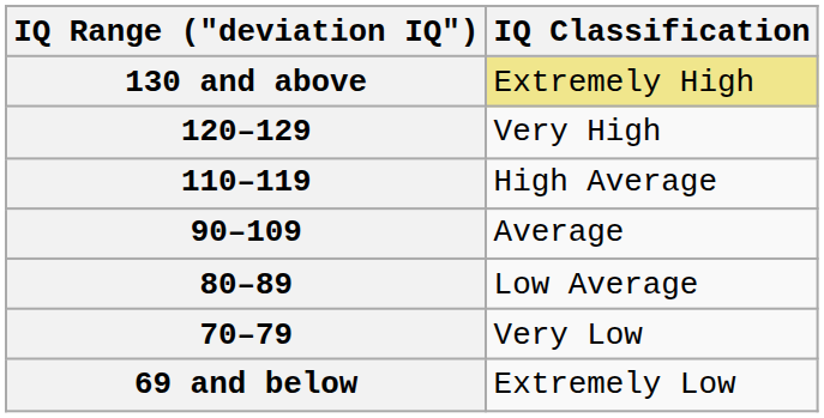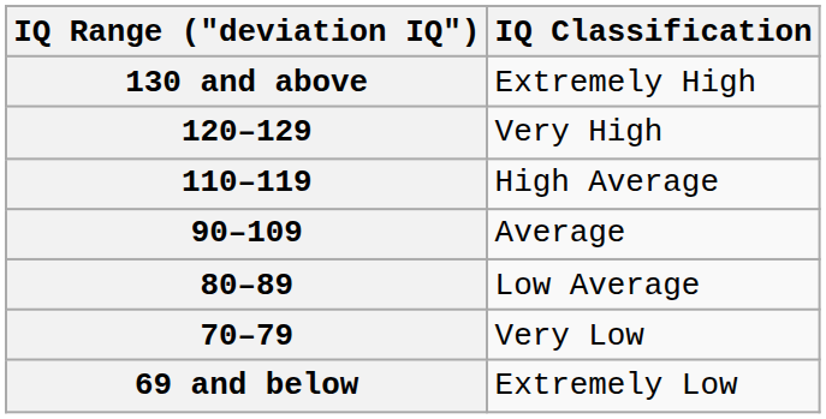 <table class="wikitable">
 <tr>
 <th>IQ Range ("deviation IQ")</th>
 <th>IQ Classification</th>
 </tr>
 <tr>
 <th>130 and above</th>
-<td style="background: khaki;">Extremely High</td>
+<td>Extremely High</td>
 </tr>
 <tr>
 <th>120–129</th>
 <td>Very High</td>
 </tr>
 <tr>
 <th>110–119</th>
 <td>High Average</td>
 </tr>
 <tr>
 <th>90–109</th>
 <td>Average</td>
 </tr>
 <tr>
 <th>80–89</th>
 <td>Low Average</td>
 </tr>
 <tr>
 <th>70–79</th>
 <td>Very Low</td>
 </tr>
 <tr>
 <th>69 and below</th>
 <td>Extremely Low</td>
 </tr>
 </table>
